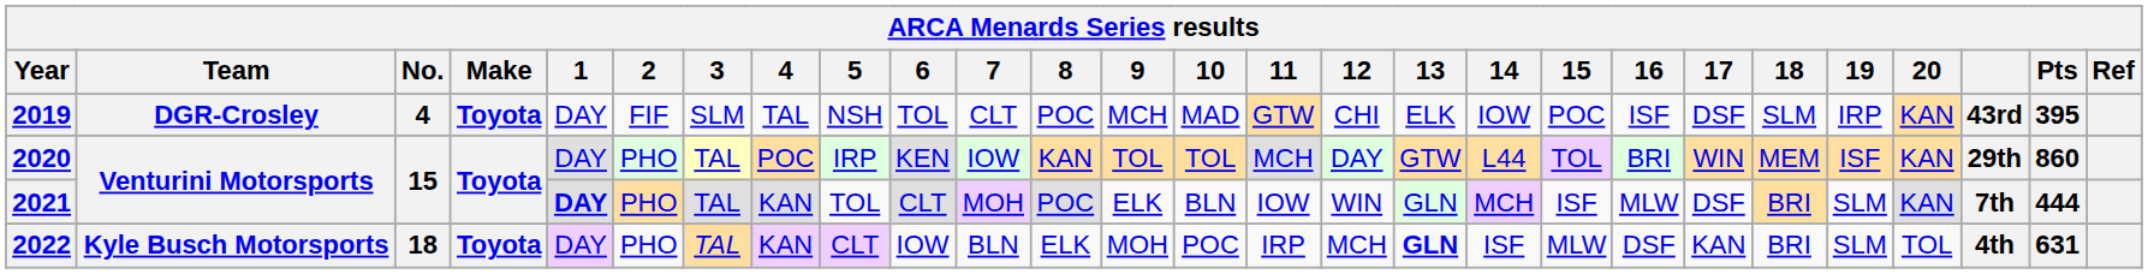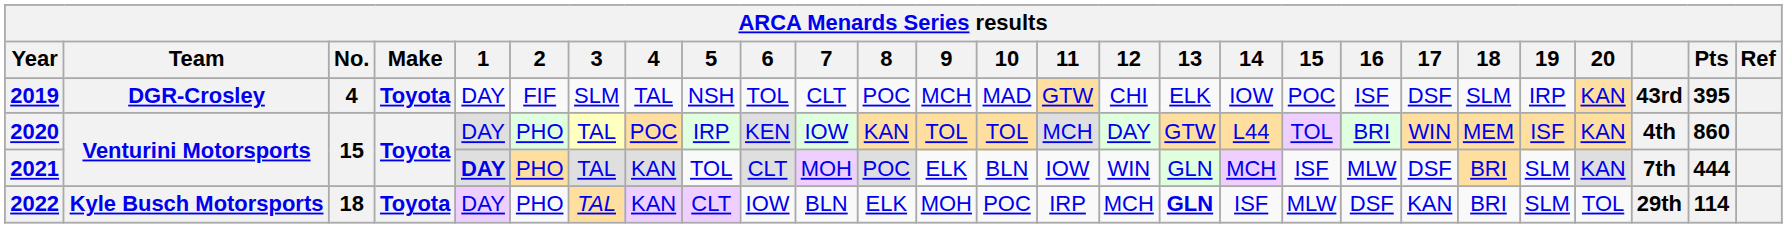 <table class="wikitable" style="text-align:center; font-size:75%">
 <tr>
 <th colspan=27><a href='#'>ARCA Menards Series</a> results</th>
 </tr>
 <tr>
 <th>Year</th>
 <th>Team</th>
 <th>No.</th>
 <th>Make</th>
 <th>1</th>
 <th>2</th>
 <th>3</th>
 <th>4</th>
 <th>5</th>
 <th>6</th>
 <th>7</th>
 <th>8</th>
 <th>9</th>
 <th>10</th>
 <th>11</th>
 <th>12</th>
 <th>13</th>
 <th>14</th>
 <th>15</th>
 <th>16</th>
 <th>17</th>
 <th>18</th>
 <th>19</th>
 <th>20</th>
 <th></th>
 <th>Pts</th>
 <th>Ref</th>
 </tr>
 <tr>
 <th><a href='#'>2019</a></th>
 <th><a href='#'>DGR-Crosley</a></th>
 <th>4</th>
 <th><a href='#'>Toyota</a></th>
 <td><a href='#'>DAY</a></td>
 <td><a href='#'>FIF</a></td>
 <td><a href='#'>SLM</a></td>
 <td><a href='#'>TAL</a></td>
 <td><a href='#'>NSH</a></td>
 <td><a href='#'>TOL</a></td>
 <td><a href='#'>CLT</a></td>
 <td><a href='#'>POC</a></td>
 <td><a href='#'>MCH</a></td>
 <td><a href='#'>MAD</a></td>
 <td style="background:#FFDF9F;"><a href='#'>GTW</a><br></td>
 <td><a href='#'>CHI</a></td>
 <td><a href='#'>ELK</a></td>
 <td><a href='#'>IOW</a></td>
 <td><a href='#'>POC</a></td>
 <td><a href='#'>ISF</a></td>
 <td><a href='#'>DSF</a></td>
 <td><a href='#'>SLM</a></td>
 <td><a href='#'>IRP</a></td>
 <td style="background:#FFDF9F;"><a href='#'>KAN</a><br></td>
 <th>43rd</th>
 <th>395</th>
 <th></th>
 </tr>
 <tr>
 <th><a href='#'>2020</a></th>
 <th rowspan=2><a href='#'>Venturini Motorsports</a></th>
 <th rowspan=2>15</th>
 <th rowspan=2><a href='#'>Toyota</a></th>
 <td style="background:#DFDFDF;"><a href='#'>DAY</a><br></td>
 <td style="background:#DFFFDF;"><a href='#'>PHO</a><br></td>
 <td style="background:#FFFFBF;"><a href='#'>TAL</a><br></td>
 <td style="background:#FFDF9F;"><a href='#'>POC</a><br></td>
 <td style="background:#DFFFDF;"><a href='#'>IRP</a><br></td>
 <td style="background:#DFDFDF;"><a href='#'>KEN</a><br></td>
 <td style="background:#DFFFDF;"><a href='#'>IOW</a><br></td>
 <td style="background:#FFDF9F;"><a href='#'>KAN</a><br></td>
 <td style="background:#FFDF9F;"><a href='#'>TOL</a><br></td>
 <td style="background:#FFDF9F;"><a href='#'>TOL</a><br></td>
 <td style="background:#DFDFDF;"><a href='#'>MCH</a><br></td>
 <td style="background:#DFFFDF;"><a href='#'>DAY</a><br></td>
 <td style="background:#FFDF9F;"><a href='#'>GTW</a><br></td>
 <td style="background:#FFDF9F;"><a href='#'>L44</a><br></td>
 <td style="background:#EFCFFF;"><a href='#'>TOL</a><br></td>
 <td style="background:#DFFFDF;"><a href='#'>BRI</a><br></td>
 <td style="background:#FFDF9F;"><a href='#'>WIN</a><br></td>
 <td style="background:#FFDF9F;"><a href='#'>MEM</a><br></td>
 <td style="background:#FFDF9F;"><a href='#'>ISF</a><br></td>
 <td style="background:#FFDF9F;"><a href='#'>KAN</a><br></td>
-<th>29th</th>
+<th>4th</th>
 <th>860</th>
 <th></th>
 </tr>
 <tr>
 <th><a href='#'>2021</a></th>
 <td style="background:#DFDFDF;"><strong><a href='#'>DAY</a></strong><br></td>
 <td style="background:#FFDF9F;"><a href='#'>PHO</a><br></td>
 <td style="background:#DFDFDF;"><a href='#'>TAL</a><br></td>
 <td style="background:#DFDFDF;"><a href='#'>KAN</a><br></td>
 <td><a href='#'>TOL</a></td>
 <td style="background:#DFDFDF;"><a href='#'>CLT</a><br></td>
 <td style="background:#EFCFFF;"><a href='#'>MOH</a><br></td>
 <td style="background:#DFDFDF;"><a href='#'>POC</a><br></td>
 <td><a href='#'>ELK</a></td>
 <td><a href='#'>BLN</a></td>
 <td><a href='#'>IOW</a></td>
 <td><a href='#'>WIN</a></td>
 <td style="background:#DFFFDF;"><a href='#'>GLN</a><br></td>
 <td style="background:#EFCFFF;"><a href='#'>MCH</a><br></td>
 <td><a href='#'>ISF</a></td>
 <td><a href='#'>MLW</a></td>
 <td><a href='#'>DSF</a></td>
 <td style="background:#FFDF9F;"><a href='#'>BRI</a><br></td>
 <td><a href='#'>SLM</a></td>
 <td style="background:#DFDFDF;'"><a href='#'>KAN</a><br></td>
 <th>7th</th>
 <th>444</th>
 <th></th>
 </tr>
 <tr>
 <th><a href='#'>2022</a></th>
 <th><a href='#'>Kyle Busch Motorsports</a></th>
 <th>18</th>
 <th><a href='#'>Toyota</a></th>
 <td style="background:#EFCFFF;"><a href='#'>DAY</a><br></td>
 <td><a href='#'>PHO</a></td>
 <td style="background:#FFDF9F;"><em><a href='#'>TAL</a></em><br></td>
 <td style="background:#EFCFFF;"><a href='#'>KAN</a><br></td>
 <td style="background:#EFCFFF;"><a href='#'>CLT</a><br></td>
 <td><a href='#'>IOW</a></td>
 <td><a href='#'>BLN</a></td>
 <td><a href='#'>ELK</a></td>
 <td><a href='#'>MOH</a></td>
 <td><a href='#'>POC</a></td>
 <td><a href='#'>IRP</a></td>
 <td><a href='#'>MCH</a></td>
 <td><strong><a href='#'>GLN</a></strong></td>
 <td><a href='#'>ISF</a></td>
 <td><a href='#'>MLW</a></td>
 <td><a href='#'>DSF</a></td>
 <td><a href='#'>KAN</a></td>
 <td><a href='#'>BRI</a></td>
 <td><a href='#'>SLM</a></td>
 <td><a href='#'>TOL</a></td>
-<th>4th</th>
-<th>631</th>
+<th>29th</th>
+<th>114</th>
 <th></th>
 </tr>
 </table>
